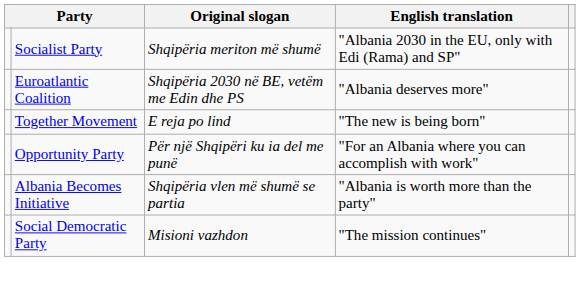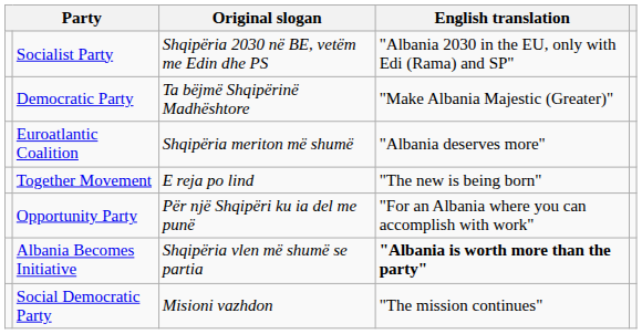 <table class=wikitable style=text-align:left>
 <tr>
 <th colspan=2>Party</th>
 <th>Original slogan</th>
 <th>English translation</th>
 <th></th>
 </tr>
 <tr>
 <td></td>
 <td><a href='#'>Socialist Party</a></td>
-<td><em>Shqipëria meriton më shumë</em></td>
+<td><em>Shqipëria 2030 në BE, vetëm me Edin dhe PS</em></td>
 <td>"Albania 2030 in the EU, only with Edi (Rama) and SP"</td>
 <td></td>
 </tr>
 <tr>
 <td></td>
+<td><a href='#'>Democratic Party</a></td>
+<td><em> Ta bëjmë Shqipërinë Madhështore</em></td>
+<td>"Make Albania Majestic (Greater)"</td>
+<td></td>
+</tr>
+<tr>
+<td></td>
 <td><a href='#'>Euroatlantic Coalition</a></td>
-<td><em>Shqipëria 2030 në BE, vetëm me Edin dhe PS</em></td>
+<td><em>Shqipëria meriton më shumë</em></td>
 <td>"Albania deserves more"</td>
 <td></td>
 </tr>
 <tr>
 <td></td>
 <td><a href='#'>Together Movement</a></td>
 <td><em>E reja po lind</em></td>
 <td>"The new is being born"</td>
 <td></td>
 </tr>
 <tr>
 <td></td>
 <td><a href='#'>Opportunity Party</a></td>
 <td><em>Për një Shqipëri ku ia del me punë</em></td>
 <td>"For an Albania where you can accomplish with work"</td>
 <td></td>
 </tr>
 <tr>
 <td></td>
 <td><a href='#'>Albania Becomes Initiative</a></td>
 <td><em>Shqipëria vlen më shumë se partia</em></td>
-<td>"Albania is worth more than the party"</td>
+<td><strong>"Albania is worth more than the party"</strong></td>
 <td></td>
 </tr>
 <tr>
 <td></td>
 <td><a href='#'>Social Democratic Party</a></td>
 <td><em>Misioni vazhdon</em></td>
 <td>"The mission continues"</td>
 <td></td>
 </tr>
 </table>
